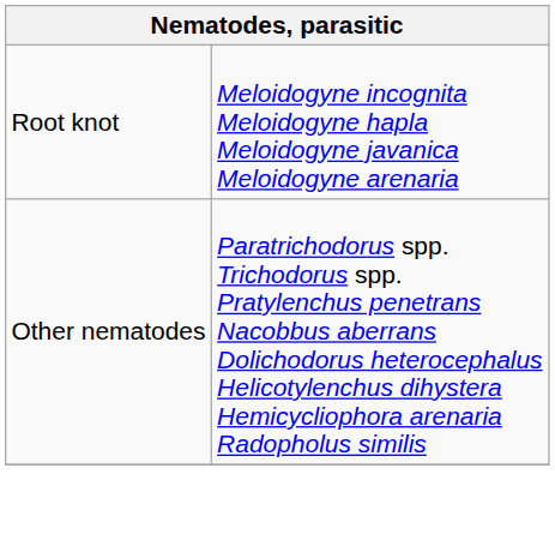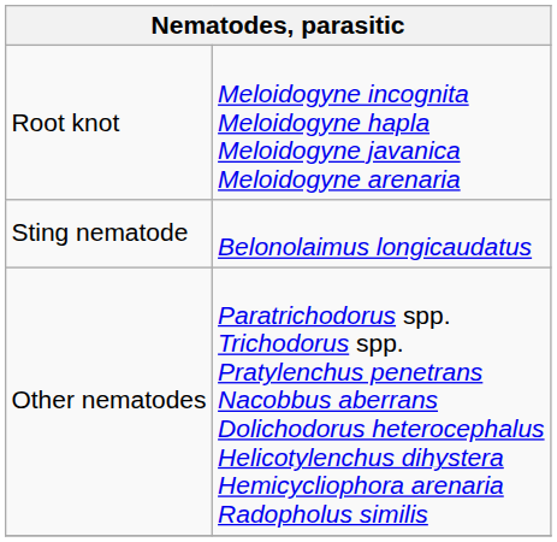 <table class="wikitable" style="clear">
 <tr>
 <th colspan=2><strong>Nematodes, parasitic</strong><br></th>
 </tr>
 <tr>
 <td>Root knot</td>
 <td><br><em><a href='#'>Meloidogyne incognita</a></em><br> <em><a href='#'>Meloidogyne hapla</a></em><br> <em><a href='#'>Meloidogyne javanica</a></em><br> <em><a href='#'>Meloidogyne arenaria</a></em></td>
 </tr>
 <tr>
+<td>Sting nematode</td>
+<td><br><em><a href='#'>Belonolaimus longicaudatus</a></em></td>
+</tr>
+<tr>
 <td>Other nematodes</td>
 <td><br><em><a href='#'>Paratrichodorus</a></em> spp. <br> <em><a href='#'>Trichodorus</a></em> spp. <br> <em><a href='#'>Pratylenchus penetrans</a></em><br> <em><a href='#'>Nacobbus aberrans</a></em><br> <em><a href='#'>Dolichodorus heterocephalus</a></em><br> <em><a href='#'>Helicotylenchus dihystera</a></em><br> <em><a href='#'>Hemicycliophora arenaria</a></em><br> <em><a href='#'>Radopholus similis</a></em></td>
 </tr>
 <tr>
 </tr>
 </table>
